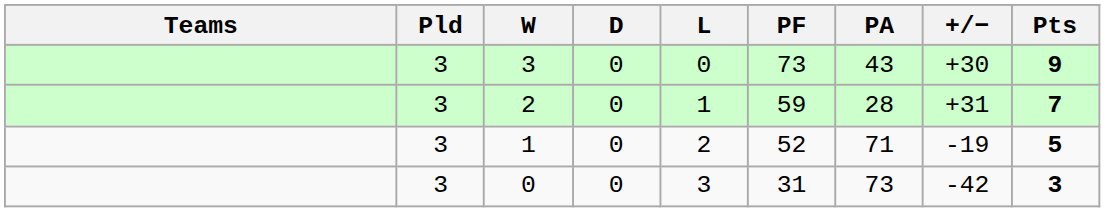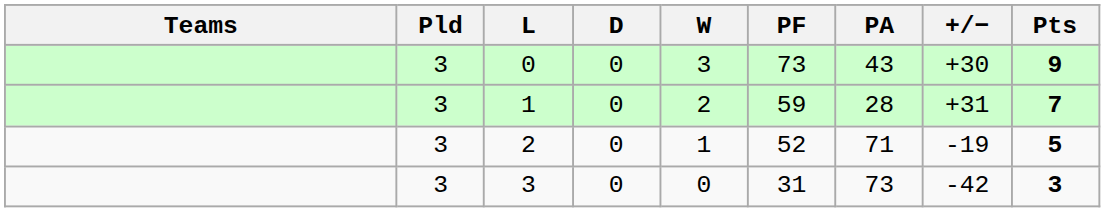 <table class="wikitable" style="text-align: center;">
 <tr>
 <th width="200">Teams</th>
 <th width="40">Pld</th>
+<th width="40">L</th>
+<th width="40">D</th>
 <th width="40">W</th>
-<th width="40">D</th>
-<th width="40">L</th>
 <th width="40">PF</th>
 <th width="40">PA</th>
 <th width="40">+/−</th>
 <th width="40">Pts</th>
 </tr>
 <tr bgcolor=ccffcc>
 <td align=left></td>
 <td>3</td>
-<td>3</td>
 <td>0</td>
 <td>0</td>
+<td>3</td>
 <td>73</td>
 <td>43</td>
 <td>+30</td>
 <td><strong>9</strong></td>
 </tr>
 <tr bgcolor=ccffcc>
 <td align=left></td>
 <td>3</td>
+<td>1</td>
+<td>0</td>
 <td>2</td>
-<td>0</td>
-<td>1</td>
 <td>59</td>
 <td>28</td>
 <td>+31</td>
 <td><strong>7</strong></td>
 </tr>
 <tr>
 <td align=left></td>
 <td>3</td>
+<td>2</td>
+<td>0</td>
 <td>1</td>
-<td>0</td>
-<td>2</td>
 <td>52</td>
 <td>71</td>
 <td>-19</td>
 <td><strong>5</strong></td>
 </tr>
 <tr>
 <td align=left></td>
 <td>3</td>
+<td>3</td>
 <td>0</td>
 <td>0</td>
-<td>3</td>
 <td>31</td>
 <td>73</td>
 <td>-42</td>
 <td><strong>3</strong></td>
 </tr>
 </table>
